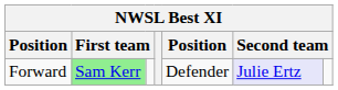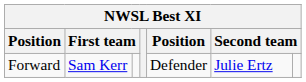 <table class="wikitable">
 <tr>
 <th colspan=7>NWSL Best XI</th>
 </tr>
 <tr>
 <th>Position</th>
 <th colspan=2>First team</th>
 <th rowspan=2></th>
 <th>Position</th>
 <th colspan=2>Second team</th>
 </tr>
 <tr>
 <td>Forward</td>
-<td style="background: lightgreen;"><a href='#'>Sam Kerr</a></td>
+<td><a href='#'>Sam Kerr</a></td>
 <td></td>
 <td>Defender</td>
-<td style="background: lavender;"><a href='#'>Julie Ertz</a></td>
+<td><a href='#'>Julie Ertz</a></td>
 <td></td>
 </tr>
 </table>
